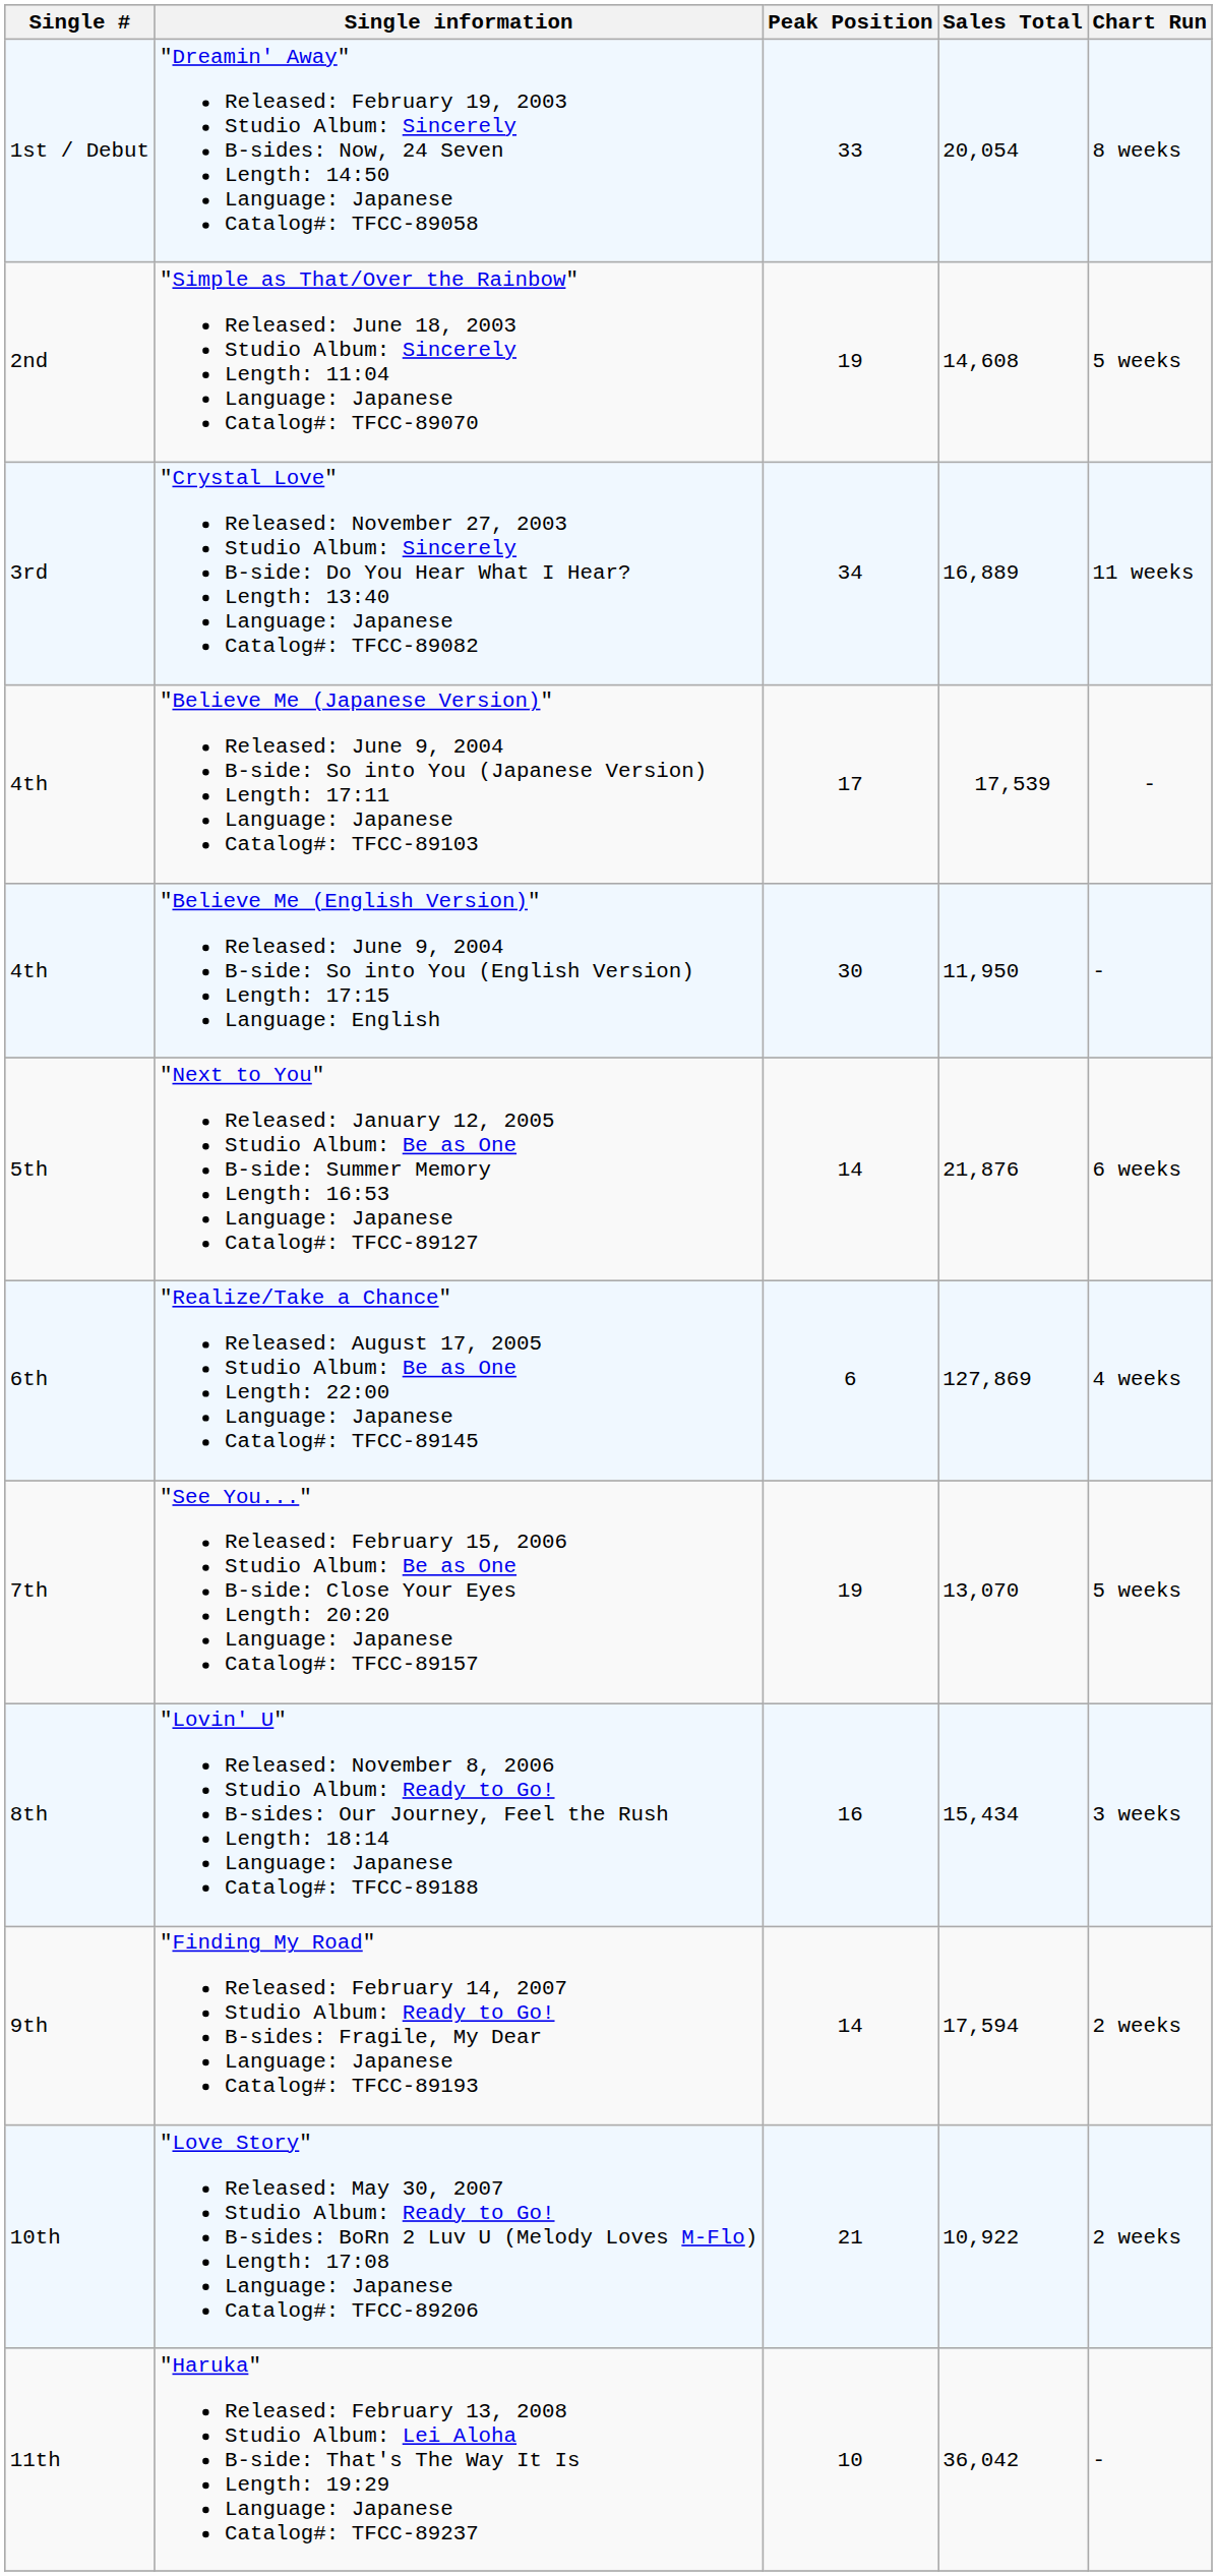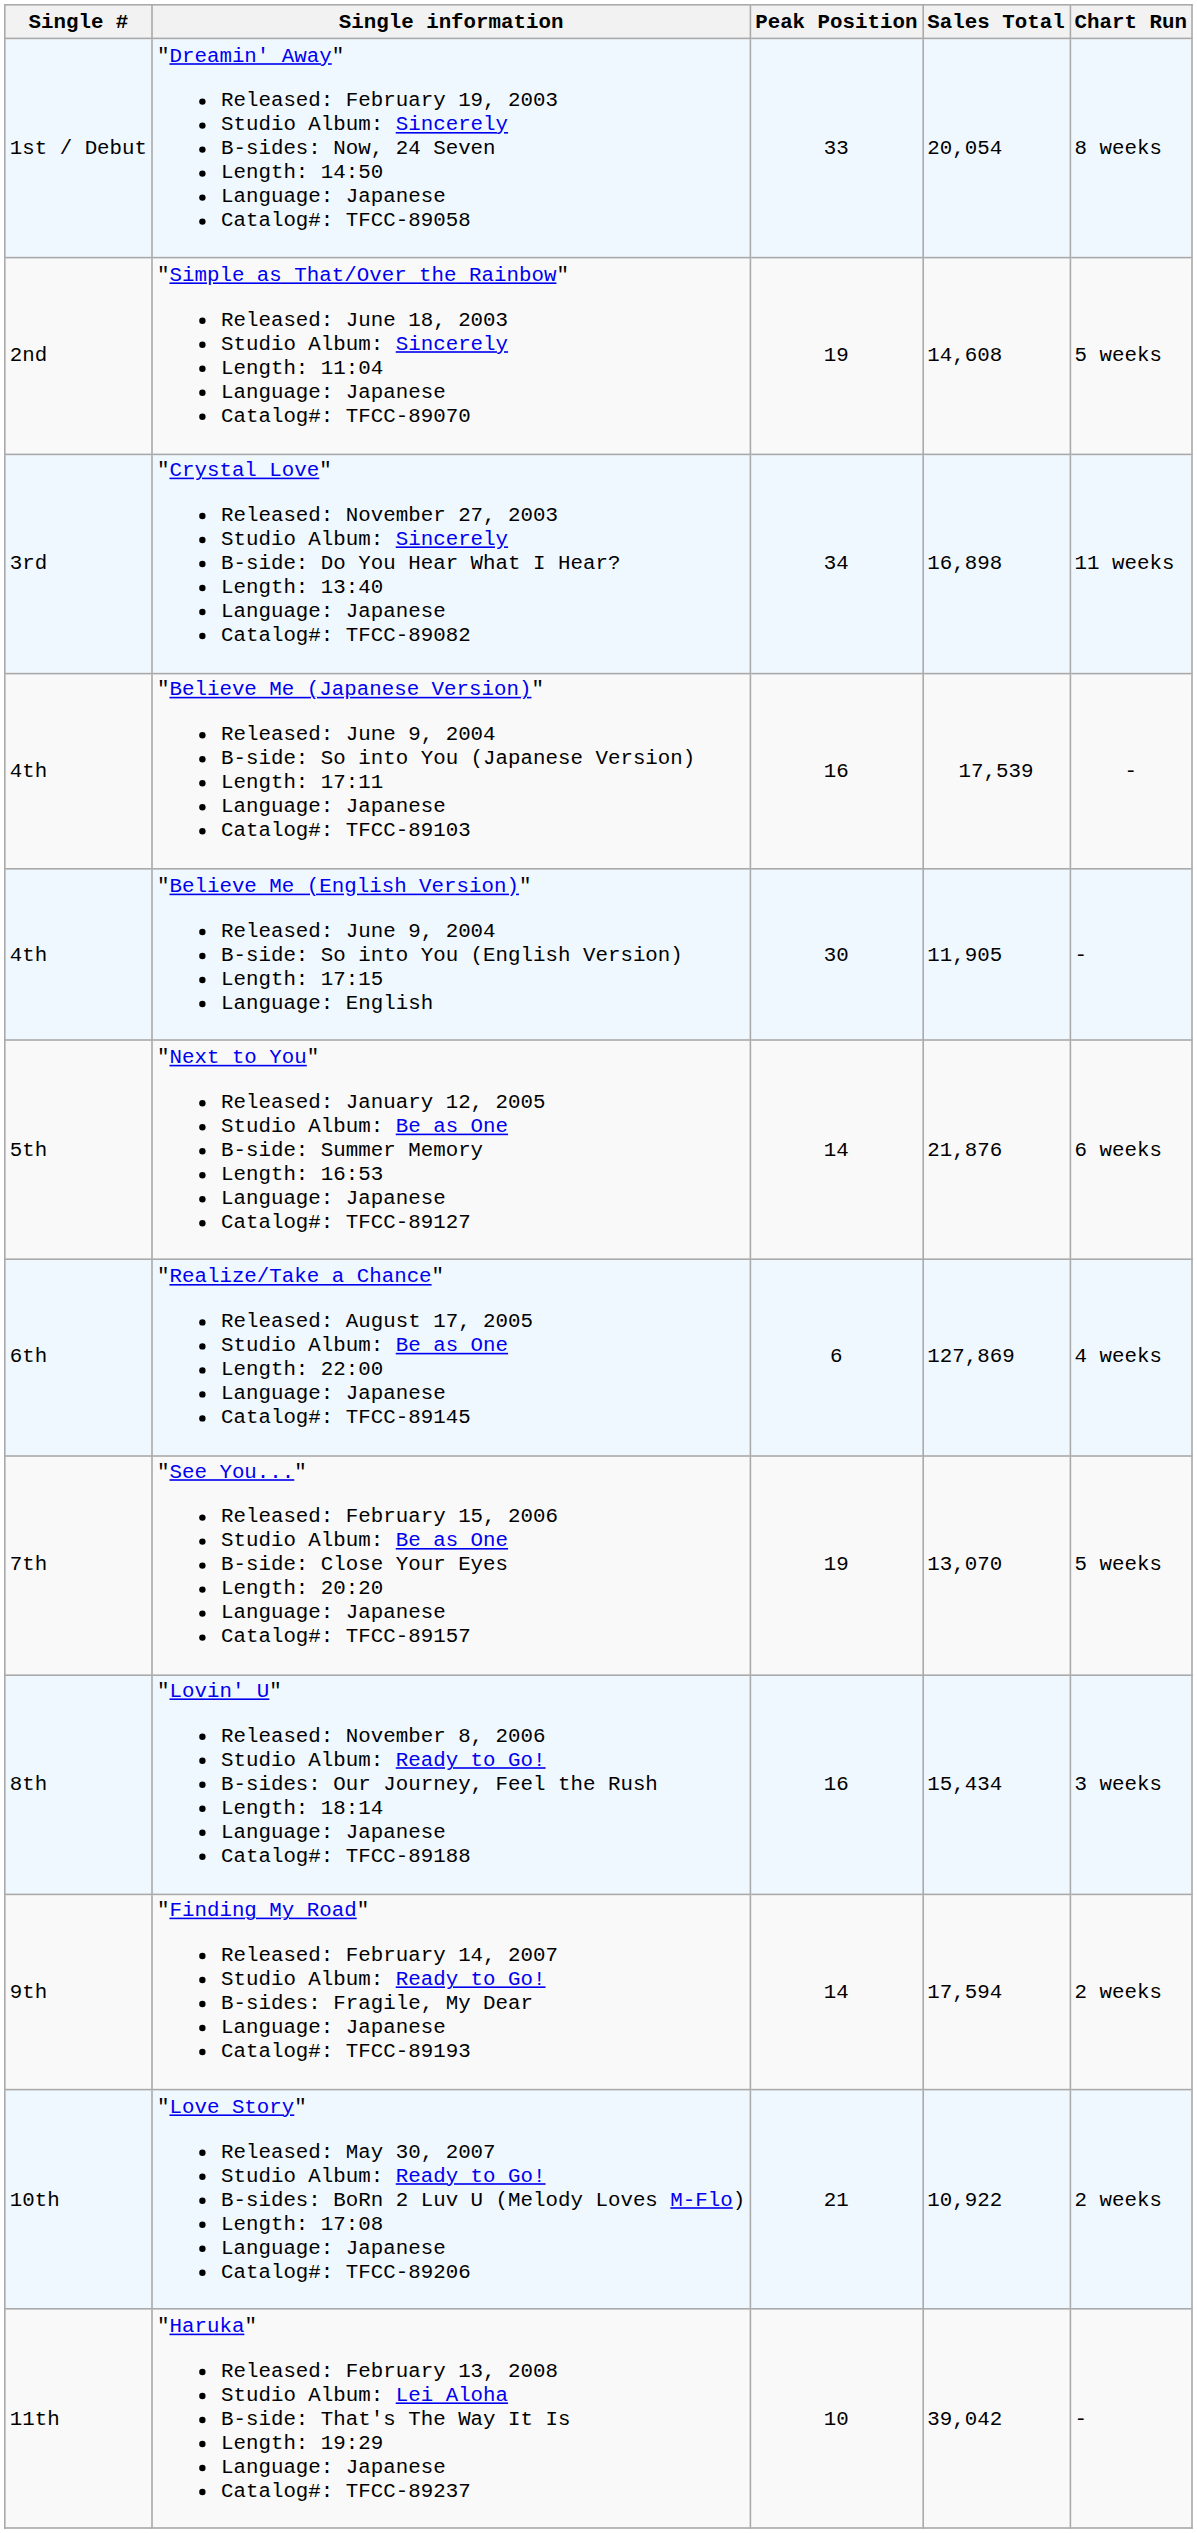 <table class="wikitable">
 <tr>
 <th>Single #</th>
 <th>Single information</th>
 <th>Peak Position</th>
 <th>Sales Total</th>
 <th>Chart Run</th>
 </tr>
 <tr bgcolor="#F0F8FF">
 <td>1st / Debut</td>
 <td align="left">"<a href='#'>Dreamin' Away</a>"<br><ul><li>Released: February 19, 2003</li><li>Studio Album: <a href='#'>Sincerely</a></li><li>B-sides: Now, 24 Seven</li><li>Length: 14:50</li><li>Language: Japanese</li><li>Catalog#: TFCC-89058</li></ul></td>
 <td align="center">33</td>
 <td>20,054</td>
 <td>8 weeks</td>
 </tr>
 <tr>
 <td>2nd</td>
 <td>"<a href='#'>Simple as That/Over the Rainbow</a>"<br><ul><li>Released: June 18, 2003</li><li>Studio Album: <a href='#'>Sincerely</a></li><li>Length: 11:04</li><li>Language: Japanese</li><li>Catalog#: TFCC-89070</li></ul></td>
 <td align="center">19</td>
 <td>14,608</td>
 <td>5 weeks</td>
 </tr>
 <tr bgcolor="#F0F8FF">
 <td>3rd</td>
 <td>"<a href='#'>Crystal Love</a>"<br><ul><li>Released: November 27, 2003</li><li>Studio Album: <a href='#'>Sincerely</a></li><li>B-side: Do You Hear What I Hear?</li><li>Length: 13:40</li><li>Language: Japanese</li><li>Catalog#: TFCC-89082</li></ul></td>
 <td align="center">34</td>
-<td>16,889</td>
+<td>16,898</td>
 <td>11 weeks</td>
 </tr>
 <tr>
 <td>4th</td>
 <td>"<a href='#'>Believe Me (Japanese Version)</a>"<br><ul><li>Released: June 9, 2004</li><li>B-side: So into You (Japanese Version)</li><li>Length: 17:11</li><li>Language: Japanese</li><li>Catalog#: TFCC-89103</li></ul></td>
-<td align="center">17</td>
+<td align="center">16</td>
 <td align="center">17,539</td>
 <td align="center">-</td>
 </tr>
 <tr bgcolor="#F0F8FF">
 <td>4th</td>
 <td>"<a href='#'>Believe Me (English Version)</a>"<br><ul><li>Released: June 9, 2004</li><li>B-side: So into You (English Version)</li><li>Length: 17:15</li><li>Language: English</li></ul></td>
 <td align="center">30</td>
-<td>11,950</td>
+<td>11,905</td>
 <td>-</td>
 </tr>
 <tr>
 <td>5th</td>
 <td>"<a href='#'>Next to You</a>"<br><ul><li>Released: January 12, 2005</li><li>Studio Album: <a href='#'>Be as One</a></li><li>B-side: Summer Memory</li><li>Length: 16:53</li><li>Language: Japanese</li><li>Catalog#: TFCC-89127</li></ul></td>
 <td align="center">14</td>
 <td>21,876</td>
 <td>6 weeks</td>
 </tr>
 <tr bgcolor="#F0F8FF">
 <td>6th</td>
 <td>"<a href='#'>Realize/Take a Chance</a>"<br><ul><li>Released: August 17, 2005</li><li>Studio Album: <a href='#'>Be as One</a></li><li>Length: 22:00</li><li>Language: Japanese</li><li>Catalog#: TFCC-89145</li></ul></td>
 <td align="center">6</td>
 <td>127,869</td>
 <td>4 weeks</td>
 </tr>
 <tr>
 <td>7th</td>
 <td>"<a href='#'>See You...</a>"<br><ul><li>Released: February 15, 2006</li><li>Studio Album: <a href='#'>Be as One</a></li><li>B-side: Close Your Eyes</li><li>Length: 20:20</li><li>Language: Japanese</li><li>Catalog#: TFCC-89157</li></ul></td>
 <td align="center">19</td>
 <td>13,070</td>
 <td>5 weeks</td>
 </tr>
 <tr bgcolor="#F0F8FF">
 <td>8th</td>
 <td>"<a href='#'>Lovin' U</a>"<br><ul><li>Released: November 8, 2006</li><li>Studio Album: <a href='#'>Ready to Go!</a></li><li>B-sides: Our Journey, Feel the Rush</li><li>Length: 18:14</li><li>Language: Japanese</li><li>Catalog#: TFCC-89188</li></ul></td>
 <td align="center">16</td>
 <td>15,434</td>
 <td>3 weeks</td>
 </tr>
 <tr>
 <td>9th</td>
 <td>"<a href='#'>Finding My Road</a>"<br><ul><li>Released: February 14, 2007</li><li>Studio Album: <a href='#'>Ready to Go!</a></li><li>B-sides: Fragile, My Dear</li><li>Language: Japanese</li><li>Catalog#: TFCC-89193</li></ul></td>
 <td align="center">14</td>
 <td>17,594</td>
 <td>2 weeks</td>
 </tr>
 <tr bgcolor="#F0F8FF">
 <td>10th</td>
 <td>"<a href='#'>Love Story</a>"<br><ul><li>Released: May 30, 2007</li><li>Studio Album: <a href='#'>Ready to Go!</a></li><li>B-sides: BoRn 2 Luv U (Melody Loves <a href='#'>M-Flo</a>)</li><li>Length: 17:08</li><li>Language: Japanese</li><li>Catalog#: TFCC-89206</li></ul></td>
 <td align="center">21</td>
 <td>10,922</td>
 <td>2 weeks</td>
 </tr>
 <tr>
 <td>11th</td>
 <td>"<a href='#'>Haruka</a>"<br><ul><li>Released: February 13, 2008</li><li>Studio Album: <a href='#'>Lei Aloha</a></li><li>B-side: That's The Way It Is</li><li>Length: 19:29</li><li>Language: Japanese</li><li>Catalog#: TFCC-89237</li></ul></td>
 <td align="center">10</td>
-<td>36,042</td>
+<td>39,042</td>
 <td>-</td>
 </tr>
 </table>
